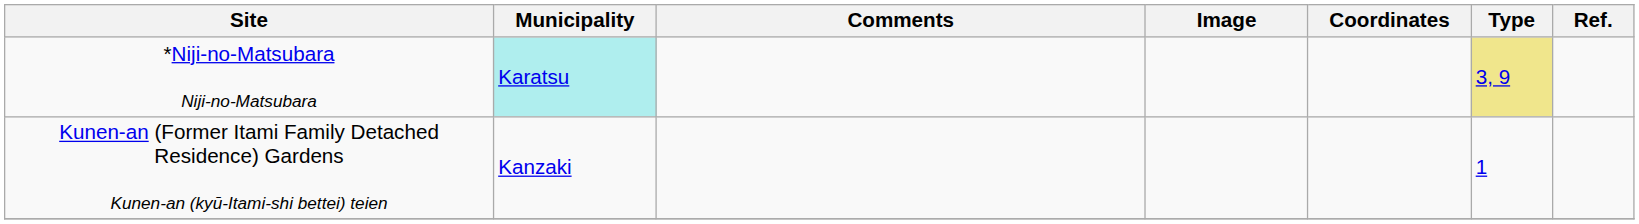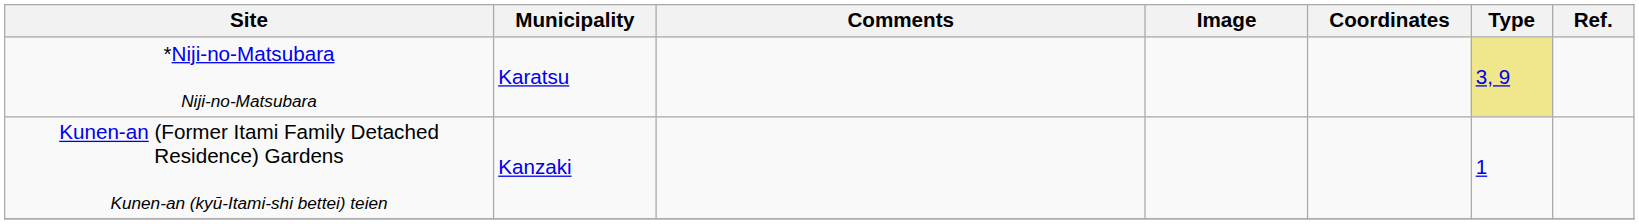 <table class="wikitable sortable"  style="width:100%;">
 <tr>
 <th width="30%" align="left">Site</th>
 <th width="10%" align="left">Municipality</th>
 <th width="30%" align="left" class="unsortable">Comments</th>
 <th width="10%" align="left"  class="unsortable">Image</th>
 <th width="10%" align="left" class="unsortable">Coordinates</th>
 <th width="5%" align="left">Type</th>
 <th width="5%" align="left"  class="unsortable">Ref.</th>
 </tr>
 <tr>
 <td align="center">*<a href='#'>Niji-no-Matsubara</a><br><br><small><em>Niji-no-Matsubara</em></small></td>
-<td style="background: paleturquoise;"><a href='#'>Karatsu</a></td>
+<td><a href='#'>Karatsu</a></td>
 <td></td>
 <td></td>
 <td></td>
 <td style="background: khaki;"><a href='#'>3, 9</a></td>
 <td></td>
 </tr>
 <tr>
 <td align="center"><a href='#'>Kunen-an</a> (Former Itami Family Detached Residence) Gardens<br><br><small><em>Kunen-an (kyū-Itami-shi bettei) teien</em></small></td>
 <td><a href='#'>Kanzaki</a></td>
 <td></td>
 <td></td>
 <td></td>
 <td><a href='#'>1</a></td>
 <td></td>
 </tr>
 <tr>
 </tr>
 </table>
